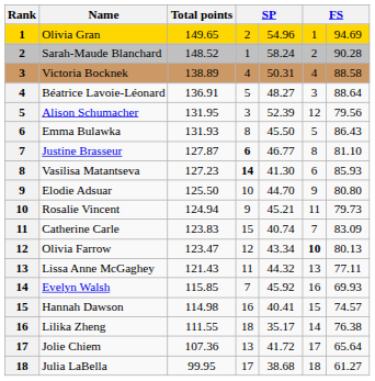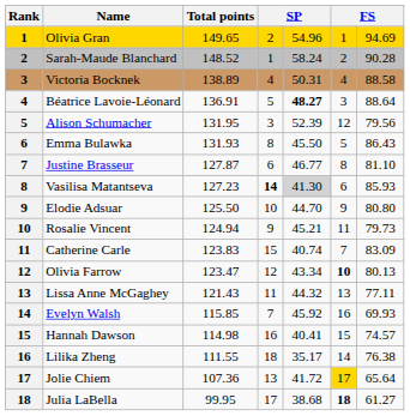 <table class="wikitable sortable">
 <tr>
 <th>Rank</th>
 <th>Name</th>
 <th>Total points</th>
 <th colspan="2" width="80px"><a href='#'>SP</a></th>
 <th colspan="2" width="80px"><a href='#'>FS</a></th>
 </tr>
 <tr bgcolor="gold">
 <td align="center"><strong>1</strong></td>
 <td>Olivia Gran</td>
 <td align="center">149.65</td>
 <td align="center">2</td>
 <td align="center">54.96</td>
 <td align="center">1</td>
 <td align="center">94.69</td>
 </tr>
 <tr bgcolor="silver">
 <td align="center"><strong>2</strong></td>
 <td>Sarah-Maude Blanchard</td>
 <td align="center">148.52</td>
 <td align="center">1</td>
 <td align="center">58.24</td>
 <td align="center">2</td>
 <td align="center">90.28</td>
 </tr>
 <tr bgcolor="cc9966">
 <td align="center"><strong>3</strong></td>
 <td>Victoria Bocknek</td>
 <td align="center">138.89</td>
 <td align="center">4</td>
 <td align="center">50.31</td>
 <td align="center">4</td>
 <td align="center">88.58</td>
 </tr>
 <tr>
 <th>4</th>
 <td>Béatrice Lavoie-Léonard</td>
 <td align="center">136.91</td>
 <td align="center">5</td>
-<td align="center">48.27</td>
+<td align="center"><strong>48.27</strong></td>
 <td align="center">3</td>
 <td align="center">88.64</td>
 </tr>
 <tr>
 <th>5</th>
 <td><a href='#'>Alison Schumacher</a></td>
 <td align="center">131.95</td>
 <td align="center">3</td>
 <td align="center">52.39</td>
 <td align="center">12</td>
 <td align="center">79.56</td>
 </tr>
 <tr>
 <th>6</th>
 <td>Emma Bulawka</td>
 <td align="center">131.93</td>
 <td align="center">8</td>
 <td align="center">45.50</td>
 <td align="center">5</td>
 <td align="center">86.43</td>
 </tr>
 <tr>
 <th>7</th>
 <td><a href='#'>Justine Brasseur</a></td>
 <td align="center">127.87</td>
-<td align="center"><strong>6</strong></td>
+<td align="center">6</td>
 <td align="center">46.77</td>
 <td align="center">8</td>
 <td align="center">81.10</td>
 </tr>
 <tr>
 <th>8</th>
 <td>Vasilisa Matantseva</td>
 <td align="center">127.23</td>
 <td align="center"><strong>14</strong></td>
-<td align="center">41.30</td>
+<td align="center" style="background: lightgrey;">41.30</td>
 <td align="center">6</td>
 <td align="center">85.93</td>
 </tr>
 <tr>
 <th>9</th>
 <td>Elodie Adsuar</td>
 <td align="center">125.50</td>
 <td align="center">10</td>
 <td align="center">44.70</td>
 <td align="center">9</td>
 <td align="center">80.80</td>
 </tr>
 <tr>
 <th>10</th>
 <td>Rosalie Vincent</td>
 <td align="center">124.94</td>
 <td align="center">9</td>
 <td align="center">45.21</td>
 <td align="center">11</td>
 <td align="center">79.73</td>
 </tr>
 <tr>
 <th>11</th>
 <td>Catherine Carle</td>
 <td align="center">123.83</td>
 <td align="center">15</td>
 <td align="center">40.74</td>
 <td align="center">7</td>
 <td align="center">83.09</td>
 </tr>
 <tr>
 <th>12</th>
 <td>Olivia Farrow</td>
 <td align="center">123.47</td>
 <td align="center">12</td>
 <td align="center">43.34</td>
 <td align="center"><strong>10</strong></td>
 <td align="center">80.13</td>
 </tr>
 <tr>
 <th>13</th>
 <td>Lissa Anne McGaghey</td>
 <td align="center">121.43</td>
 <td align="center">11</td>
 <td align="center">44.32</td>
 <td align="center">13</td>
 <td align="center">77.11</td>
 </tr>
 <tr>
 <th>14</th>
 <td><a href='#'>Evelyn Walsh</a></td>
 <td align="center">115.85</td>
 <td align="center">7</td>
 <td align="center">45.92</td>
 <td align="center">16</td>
 <td align="center">69.93</td>
 </tr>
 <tr>
 <th>15</th>
 <td>Hannah Dawson</td>
 <td align="center">114.98</td>
 <td align="center">16</td>
 <td align="center">40.41</td>
 <td align="center">15</td>
 <td align="center">74.57</td>
 </tr>
 <tr>
 <th>16</th>
 <td>Lilika Zheng</td>
 <td align="center">111.55</td>
 <td align="center">18</td>
 <td align="center">35.17</td>
 <td align="center">14</td>
 <td align="center">76.38</td>
 </tr>
 <tr>
 <th>17</th>
 <td>Jolie Chiem</td>
 <td align="center">107.36</td>
 <td align="center">13</td>
 <td align="center">41.72</td>
-<td align="center">17</td>
+<td align="center" style="background: gold;">17</td>
 <td align="center">65.64</td>
 </tr>
 <tr>
 <th>18</th>
 <td>Julia LaBella</td>
 <td align="center">99.95</td>
 <td align="center">17</td>
 <td align="center">38.68</td>
-<td align="center">18</td>
+<td align="center"><strong>18</strong></td>
 <td align="center">61.27</td>
 </tr>
 </table>
